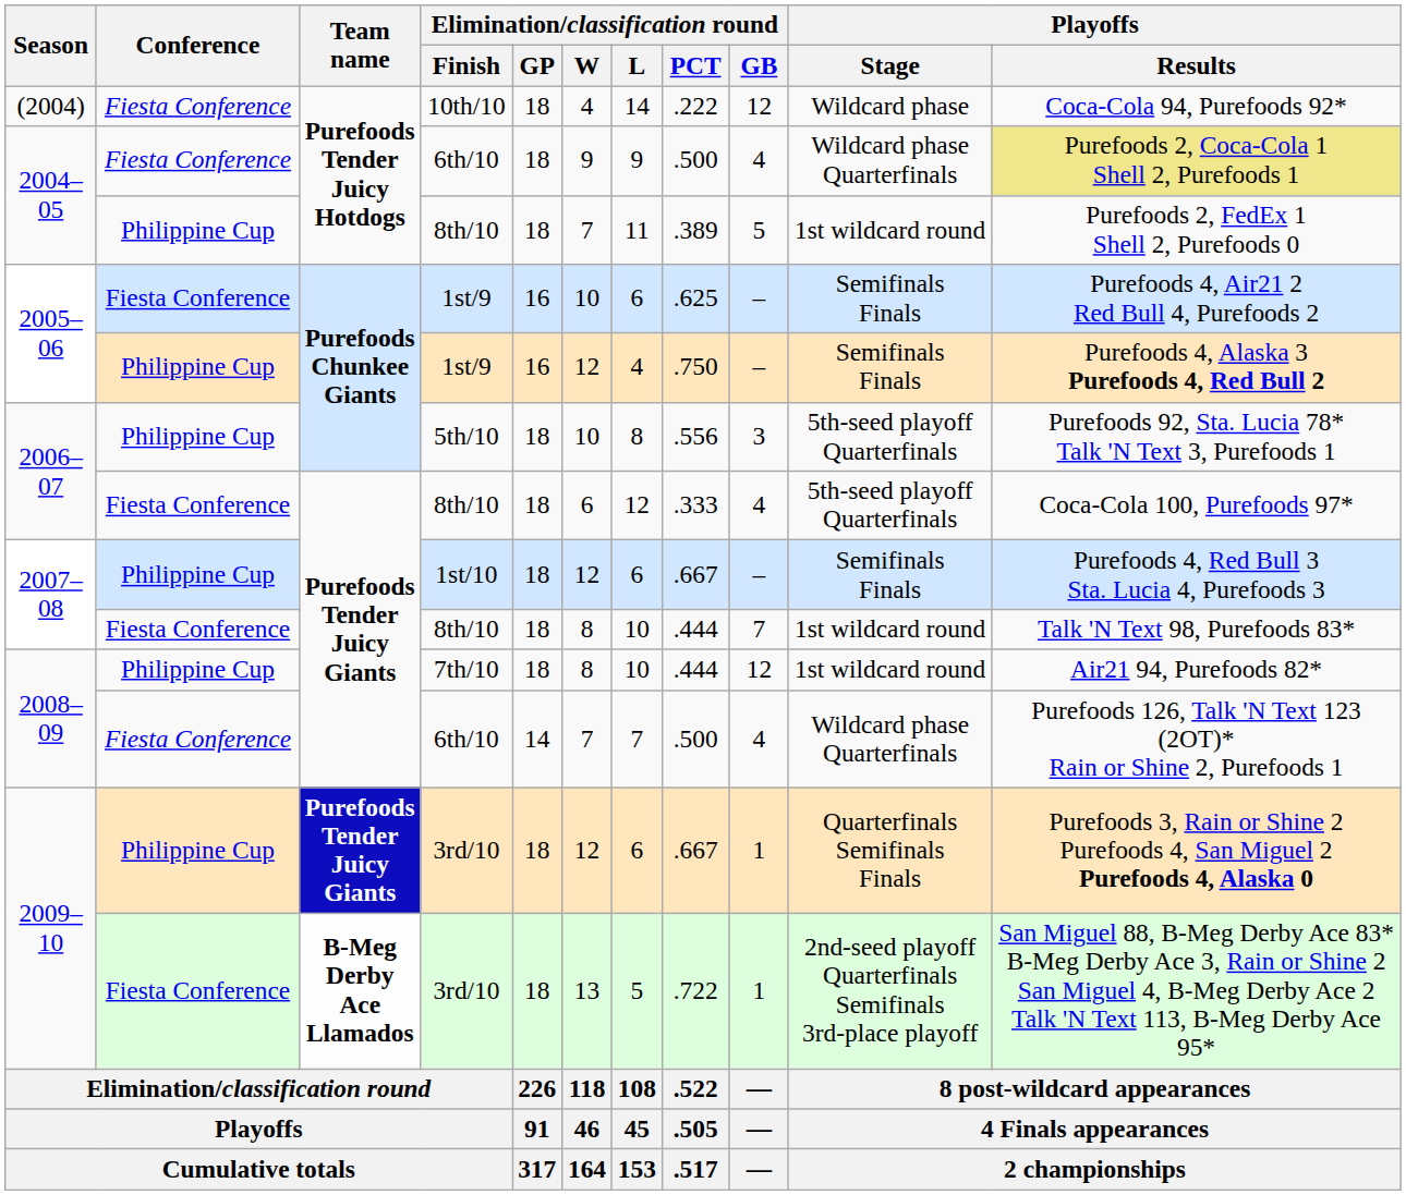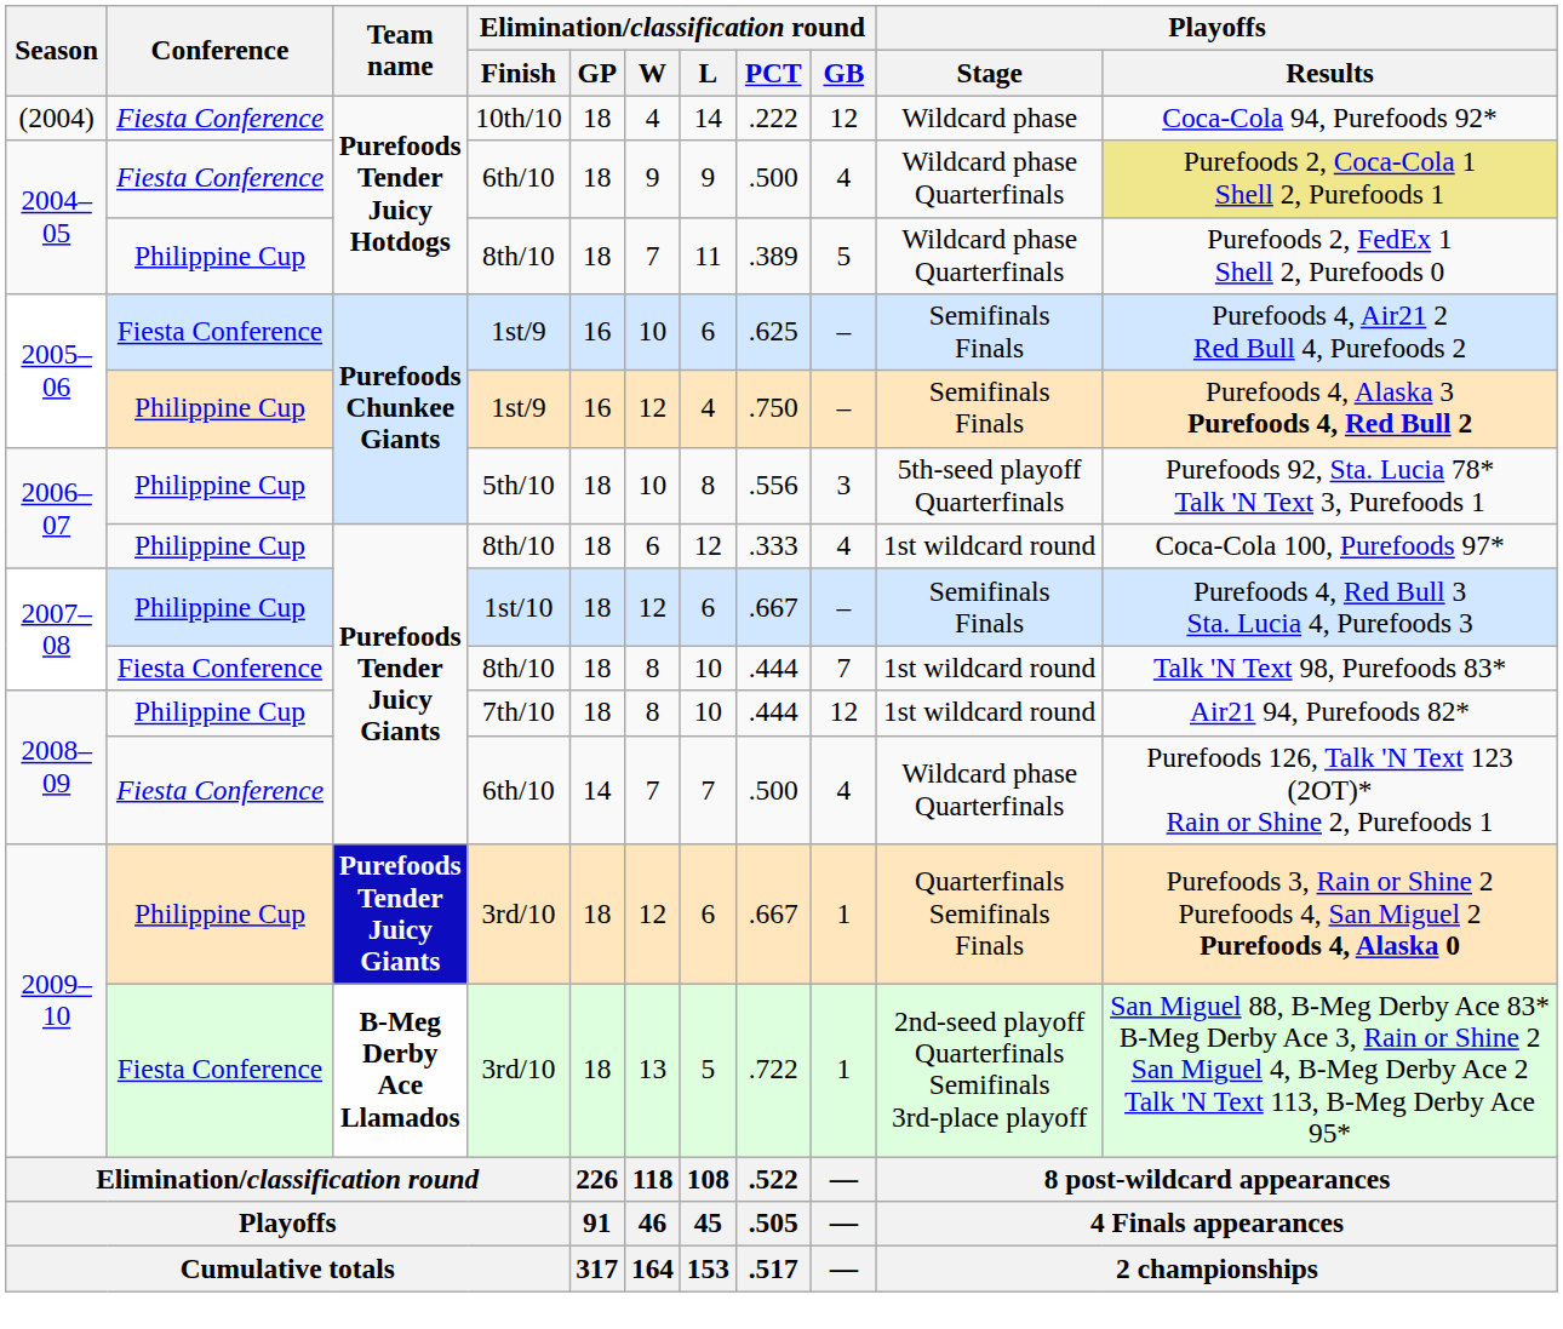 <table class=wikitable style="text-align:center;">
 <tr>
 <th width=50px rowspan=2>Season</th>
 <th width=120px rowspan=2>Conference</th>
 <th width=60px rowspan=2>Team name</th>
 <th colspan=6>Elimination/<em>classification</em> round</th>
 <th colspan=2>Playoffs</th>
 </tr>
 <tr>
 <th width=50px>Finish</th>
 <th width=20px>GP</th>
 <th width=20px>W</th>
 <th width=20px>L</th>
 <th width=35px><a href='#'>PCT</a></th>
 <th width=30px><a href='#'>GB</a></th>
 <th width=120px>Stage</th>
 <th width=250px>Results</th>
 </tr>
 <tr>
 <td>(2004)</td>
 <td><em><a href='#'>Fiesta Conference</a></em></td>
 <td rowspan=3><strong>Purefoods Tender Juicy Hotdogs</strong></td>
 <td>10th/10</td>
 <td>18</td>
 <td>4</td>
 <td>14</td>
 <td>.222</td>
 <td>12</td>
 <td>Wildcard phase</td>
 <td><a href='#'>Coca-Cola</a> 94, Purefoods 92*</td>
 </tr>
 <tr>
 <td rowspan=2><a href='#'>2004–05</a></td>
 <td><em><a href='#'>Fiesta Conference</a></em></td>
 <td>6th/10</td>
 <td>18</td>
 <td>9</td>
 <td>9</td>
 <td>.500</td>
 <td>4</td>
 <td>Wildcard phase<br>Quarterfinals</td>
 <td style="background: khaki;">Purefoods 2, <a href='#'>Coca-Cola</a> 1<br><a href='#'>Shell</a> 2, Purefoods 1</td>
 </tr>
 <tr>
 <td><a href='#'>Philippine Cup</a></td>
 <td>8th/10</td>
 <td>18</td>
 <td>7</td>
 <td>11</td>
 <td>.389</td>
 <td>5</td>
-<td>1st wildcard round</td>
+<td>Wildcard phase<br>Quarterfinals</td>
 <td>Purefoods 2, <a href='#'>FedEx</a> 1<br><a href='#'>Shell</a> 2, Purefoods 0</td>
 </tr>
 <tr bgcolor=#D0E7FF>
 <td bgcolor=white rowspan=2><a href='#'>2005–06</a></td>
 <td><a href='#'>Fiesta Conference</a></td>
 <td rowspan=3><strong>Purefoods Chunkee Giants</strong></td>
 <td>1st/9</td>
 <td>16</td>
 <td>10</td>
 <td>6</td>
 <td>.625</td>
 <td>–</td>
 <td>Semifinals<br>Finals</td>
 <td>Purefoods 4, <a href='#'>Air21</a> 2<br><a href='#'>Red Bull</a> 4, Purefoods 2</td>
 </tr>
 <tr bgcolor=#FFE6BD>
 <td><a href='#'>Philippine Cup</a></td>
 <td>1st/9</td>
 <td>16</td>
 <td>12</td>
 <td>4</td>
 <td>.750</td>
 <td>–</td>
 <td>Semifinals<br>Finals</td>
 <td>Purefoods 4, <a href='#'>Alaska</a> 3<br><strong>Purefoods 4, <a href='#'>Red Bull</a> 2</strong></td>
 </tr>
 <tr>
 <td rowspan=2><a href='#'>2006–07</a></td>
 <td><a href='#'>Philippine Cup</a></td>
 <td>5th/10</td>
 <td>18</td>
 <td>10</td>
 <td>8</td>
 <td>.556</td>
 <td>3</td>
 <td>5th-seed playoff<br>Quarterfinals</td>
 <td>Purefoods 92, <a href='#'>Sta. Lucia</a> 78*<br><a href='#'>Talk 'N Text</a> 3, Purefoods 1</td>
 </tr>
 <tr>
-<td><a href='#'>Fiesta Conference</a></td>
+<td><a href='#'>Philippine Cup</a></td>
 <td rowspan=5><strong>Purefoods Tender Juicy Giants</strong></td>
 <td>8th/10</td>
 <td>18</td>
 <td>6</td>
 <td>12</td>
 <td>.333</td>
 <td>4</td>
-<td>5th-seed playoff<br>Quarterfinals</td>
+<td>1st wildcard round</td>
 <td>Coca-Cola 100, <a href='#'>Purefoods</a> 97*</td>
 </tr>
 <tr bgcolor=#D0E7FF>
 <td bgcolor=white rowspan=2><a href='#'>2007–08</a></td>
 <td><a href='#'>Philippine Cup</a></td>
 <td>1st/10</td>
 <td>18</td>
 <td>12</td>
 <td>6</td>
 <td>.667</td>
 <td>–</td>
 <td>Semifinals<br>Finals</td>
 <td>Purefoods 4, <a href='#'>Red Bull</a> 3<br><a href='#'>Sta. Lucia</a> 4, Purefoods 3</td>
 </tr>
 <tr>
 <td><a href='#'>Fiesta Conference</a></td>
 <td>8th/10</td>
 <td>18</td>
 <td>8</td>
 <td>10</td>
 <td>.444</td>
 <td>7</td>
 <td>1st wildcard round</td>
 <td><a href='#'>Talk 'N Text</a> 98, Purefoods 83*</td>
 </tr>
 <tr>
 <td rowspan=2><a href='#'>2008–09</a></td>
 <td><a href='#'>Philippine Cup</a></td>
 <td>7th/10</td>
 <td>18</td>
 <td>8</td>
 <td>10</td>
 <td>.444</td>
 <td>12</td>
 <td>1st wildcard round</td>
 <td><a href='#'>Air21</a> 94, Purefoods 82*</td>
 </tr>
 <tr>
 <td><em><a href='#'>Fiesta Conference</a></em></td>
 <td>6th/10</td>
 <td>14</td>
 <td>7</td>
 <td>7</td>
 <td>.500</td>
 <td>4</td>
 <td>Wildcard phase<br>Quarterfinals</td>
 <td>Purefoods 126, <a href='#'>Talk 'N Text</a> 123 (2OT)*<br><a href='#'>Rain or Shine</a> 2, Purefoods 1</td>
 </tr>
 <tr>
 <td rowspan=2><a href='#'>2009–10</a></td>
 <td bgcolor=#FFE6BD><a href='#'>Philippine Cup</a></td>
 <td style="background:#0D0DBF; color:#FFFFFF; "><span><strong>Purefoods Tender Juicy Giants</strong></span></td>
 <td bgcolor=#FFE6BD>3rd/10</td>
 <td bgcolor=#FFE6BD>18</td>
 <td bgcolor=#FFE6BD>12</td>
 <td bgcolor=#FFE6BD>6</td>
 <td bgcolor=#FFE6BD>.667</td>
 <td bgcolor=#FFE6BD>1</td>
 <td bgcolor=#FFE6BD>Quarterfinals<br>Semifinals<br>Finals</td>
 <td bgcolor=#FFE6BD>Purefoods 3, <a href='#'>Rain or Shine</a> 2<br>Purefoods 4, <a href='#'>San Miguel</a> 2<br><strong>Purefoods 4, <a href='#'>Alaska</a> 0</strong></td>
 </tr>
 <tr>
 <td bgcolor=DDFFDD><a href='#'>Fiesta Conference</a></td>
 <td bgcolor=fefefe><strong>B-Meg Derby Ace Llamados</strong></td>
 <td bgcolor=DDFFDD>3rd/10</td>
 <td bgcolor=DDFFDD>18</td>
 <td bgcolor=DDFFDD>13</td>
 <td bgcolor=DDFFDD>5</td>
 <td bgcolor=DDFFDD>.722</td>
 <td bgcolor=DDFFDD>1</td>
 <td bgcolor=DDFFDD>2nd-seed playoff<br>Quarterfinals<br>Semifinals<br>3rd-place playoff</td>
 <td bgcolor=DDFFDD><a href='#'>San Miguel</a> 88, B-Meg Derby Ace 83*<br>B-Meg Derby Ace 3, <a href='#'>Rain or Shine</a> 2<br><a href='#'>San Miguel</a> 4, B-Meg Derby Ace 2<br><a href='#'>Talk 'N Text</a> 113, B-Meg Derby Ace 95*</td>
 </tr>
 <tr>
 <th colspan=4>Elimination/<em>classification round</em></th>
 <th>226</th>
 <th>118</th>
 <th>108</th>
 <th>.522</th>
 <th>—</th>
 <th colspan=2>8 post-wildcard appearances</th>
 </tr>
 <tr>
 <th colspan=4>Playoffs</th>
 <th>91</th>
 <th>46</th>
 <th>45</th>
 <th>.505</th>
 <th>—</th>
 <th colspan=2>4 Finals appearances</th>
 </tr>
 <tr>
 <th colspan=4>Cumulative totals</th>
 <th>317</th>
 <th>164</th>
 <th>153</th>
 <th>.517</th>
 <th>—</th>
 <th colspan=2>2 championships</th>
 </tr>
 </table>
